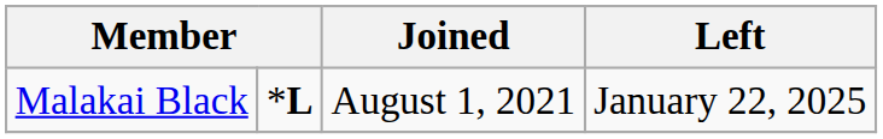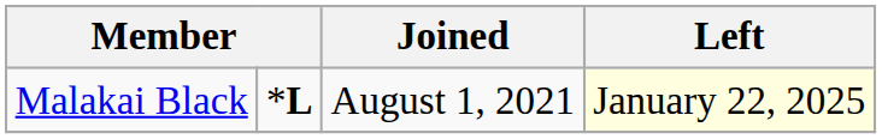 <table class="wikitable sortable" style="text-align:center;">
 <tr>
 <th colspan="2">Member</th>
 <th>Joined</th>
 <th>Left</th>
 </tr>
 <tr>
 <td><a href='#'>Malakai Black</a></td>
 <td>*<strong>L</strong></td>
 <td>August 1, 2021</td>
-<td>January 22, 2025</td>
+<td style="background: lightyellow;">January 22, 2025</td>
 </tr>
 <tr>
 </tr>
 </table>
